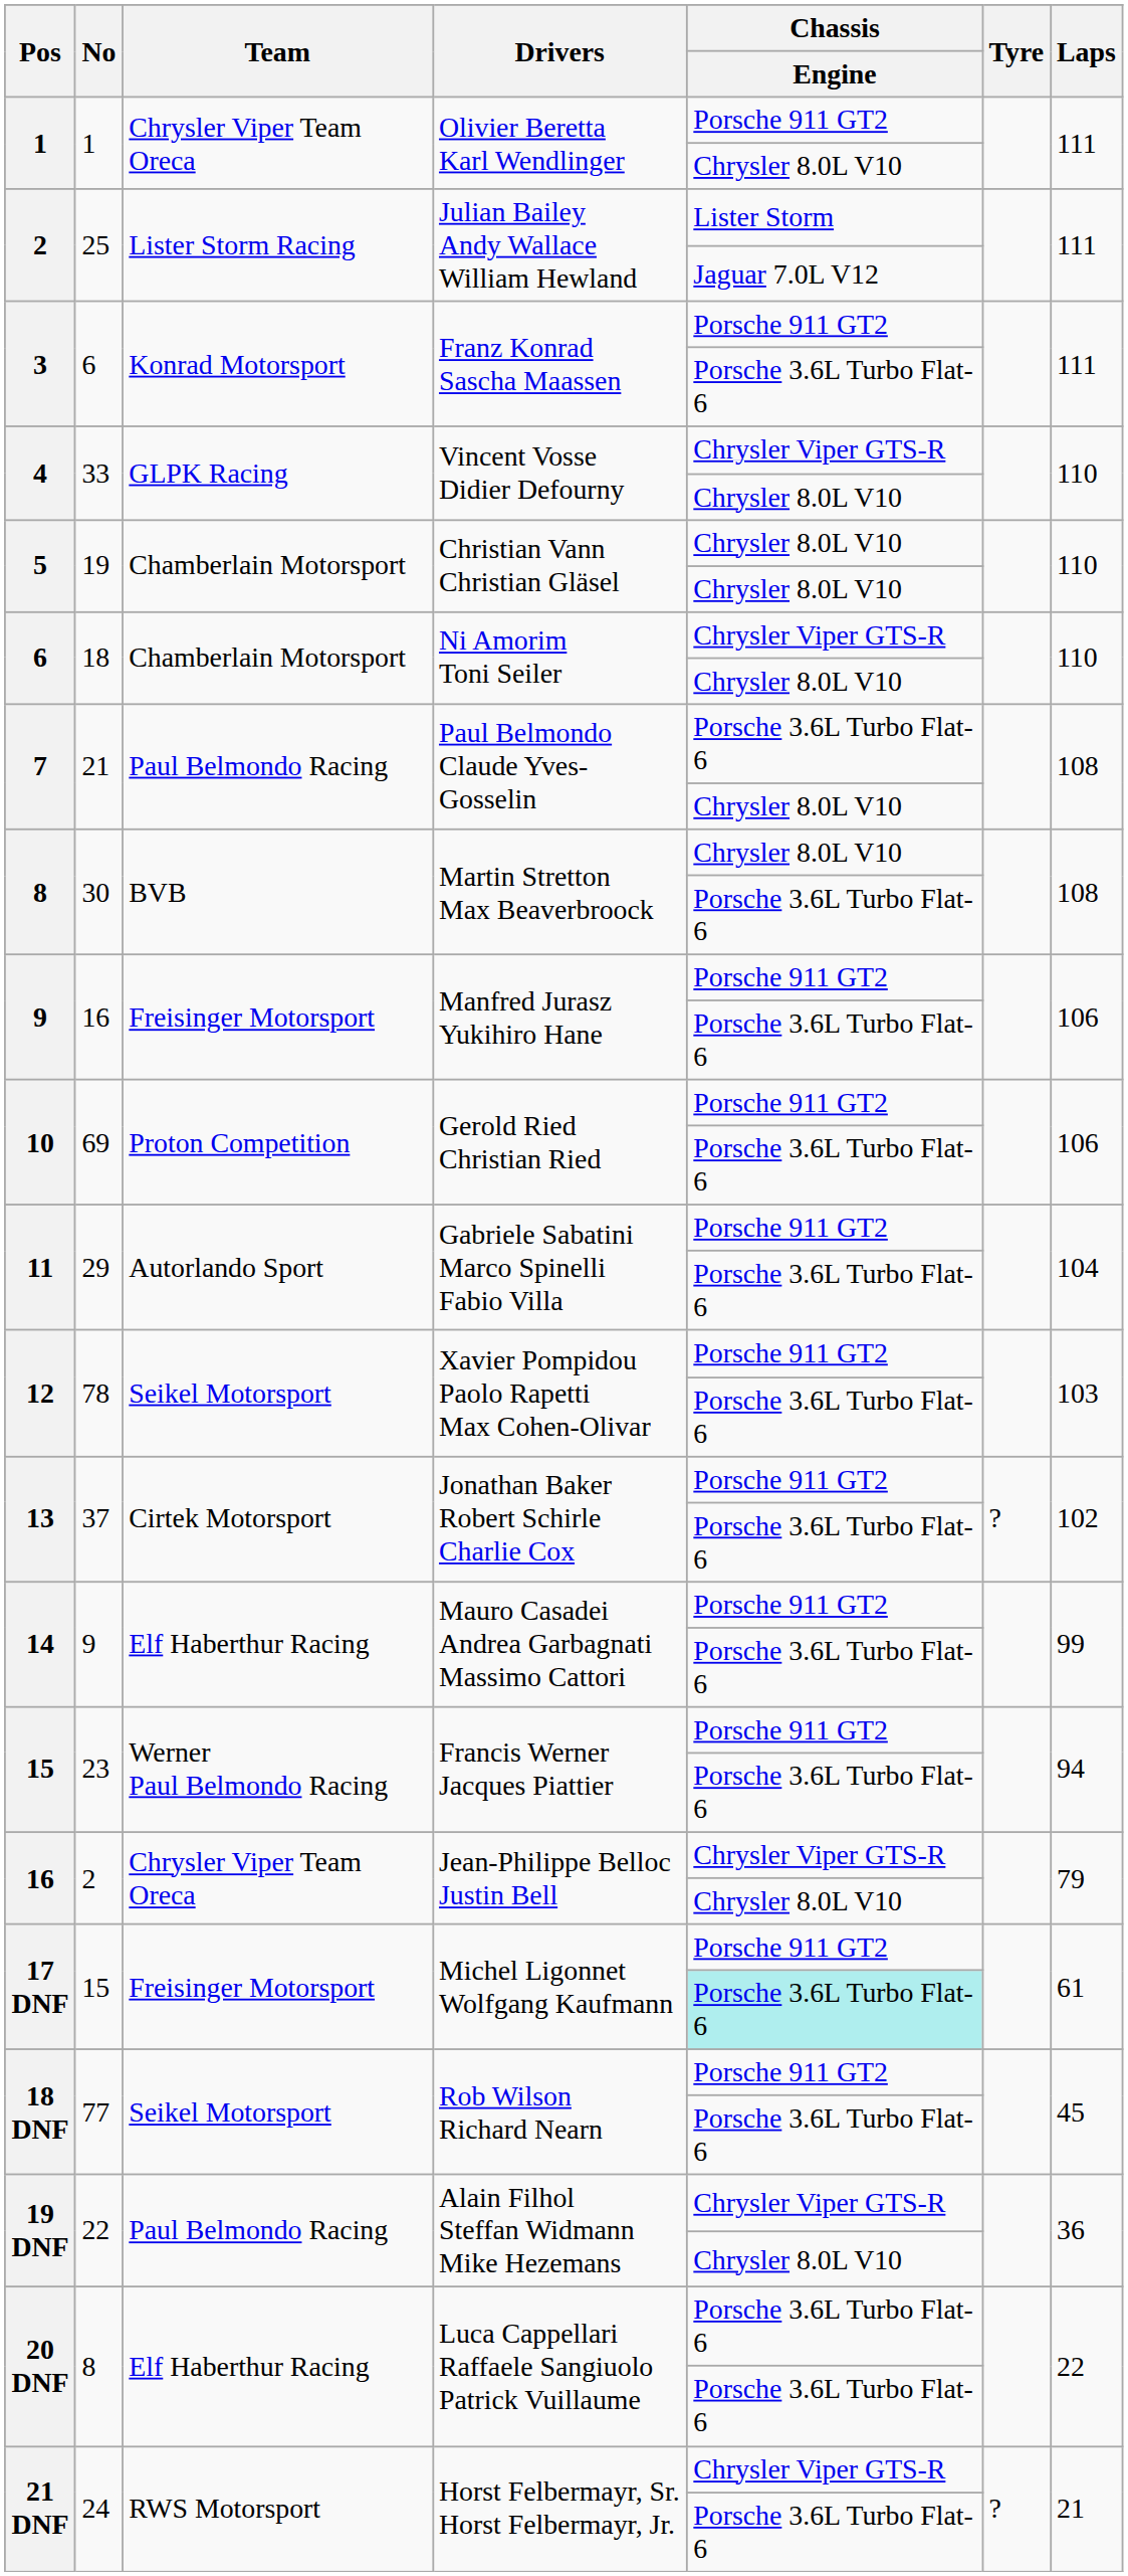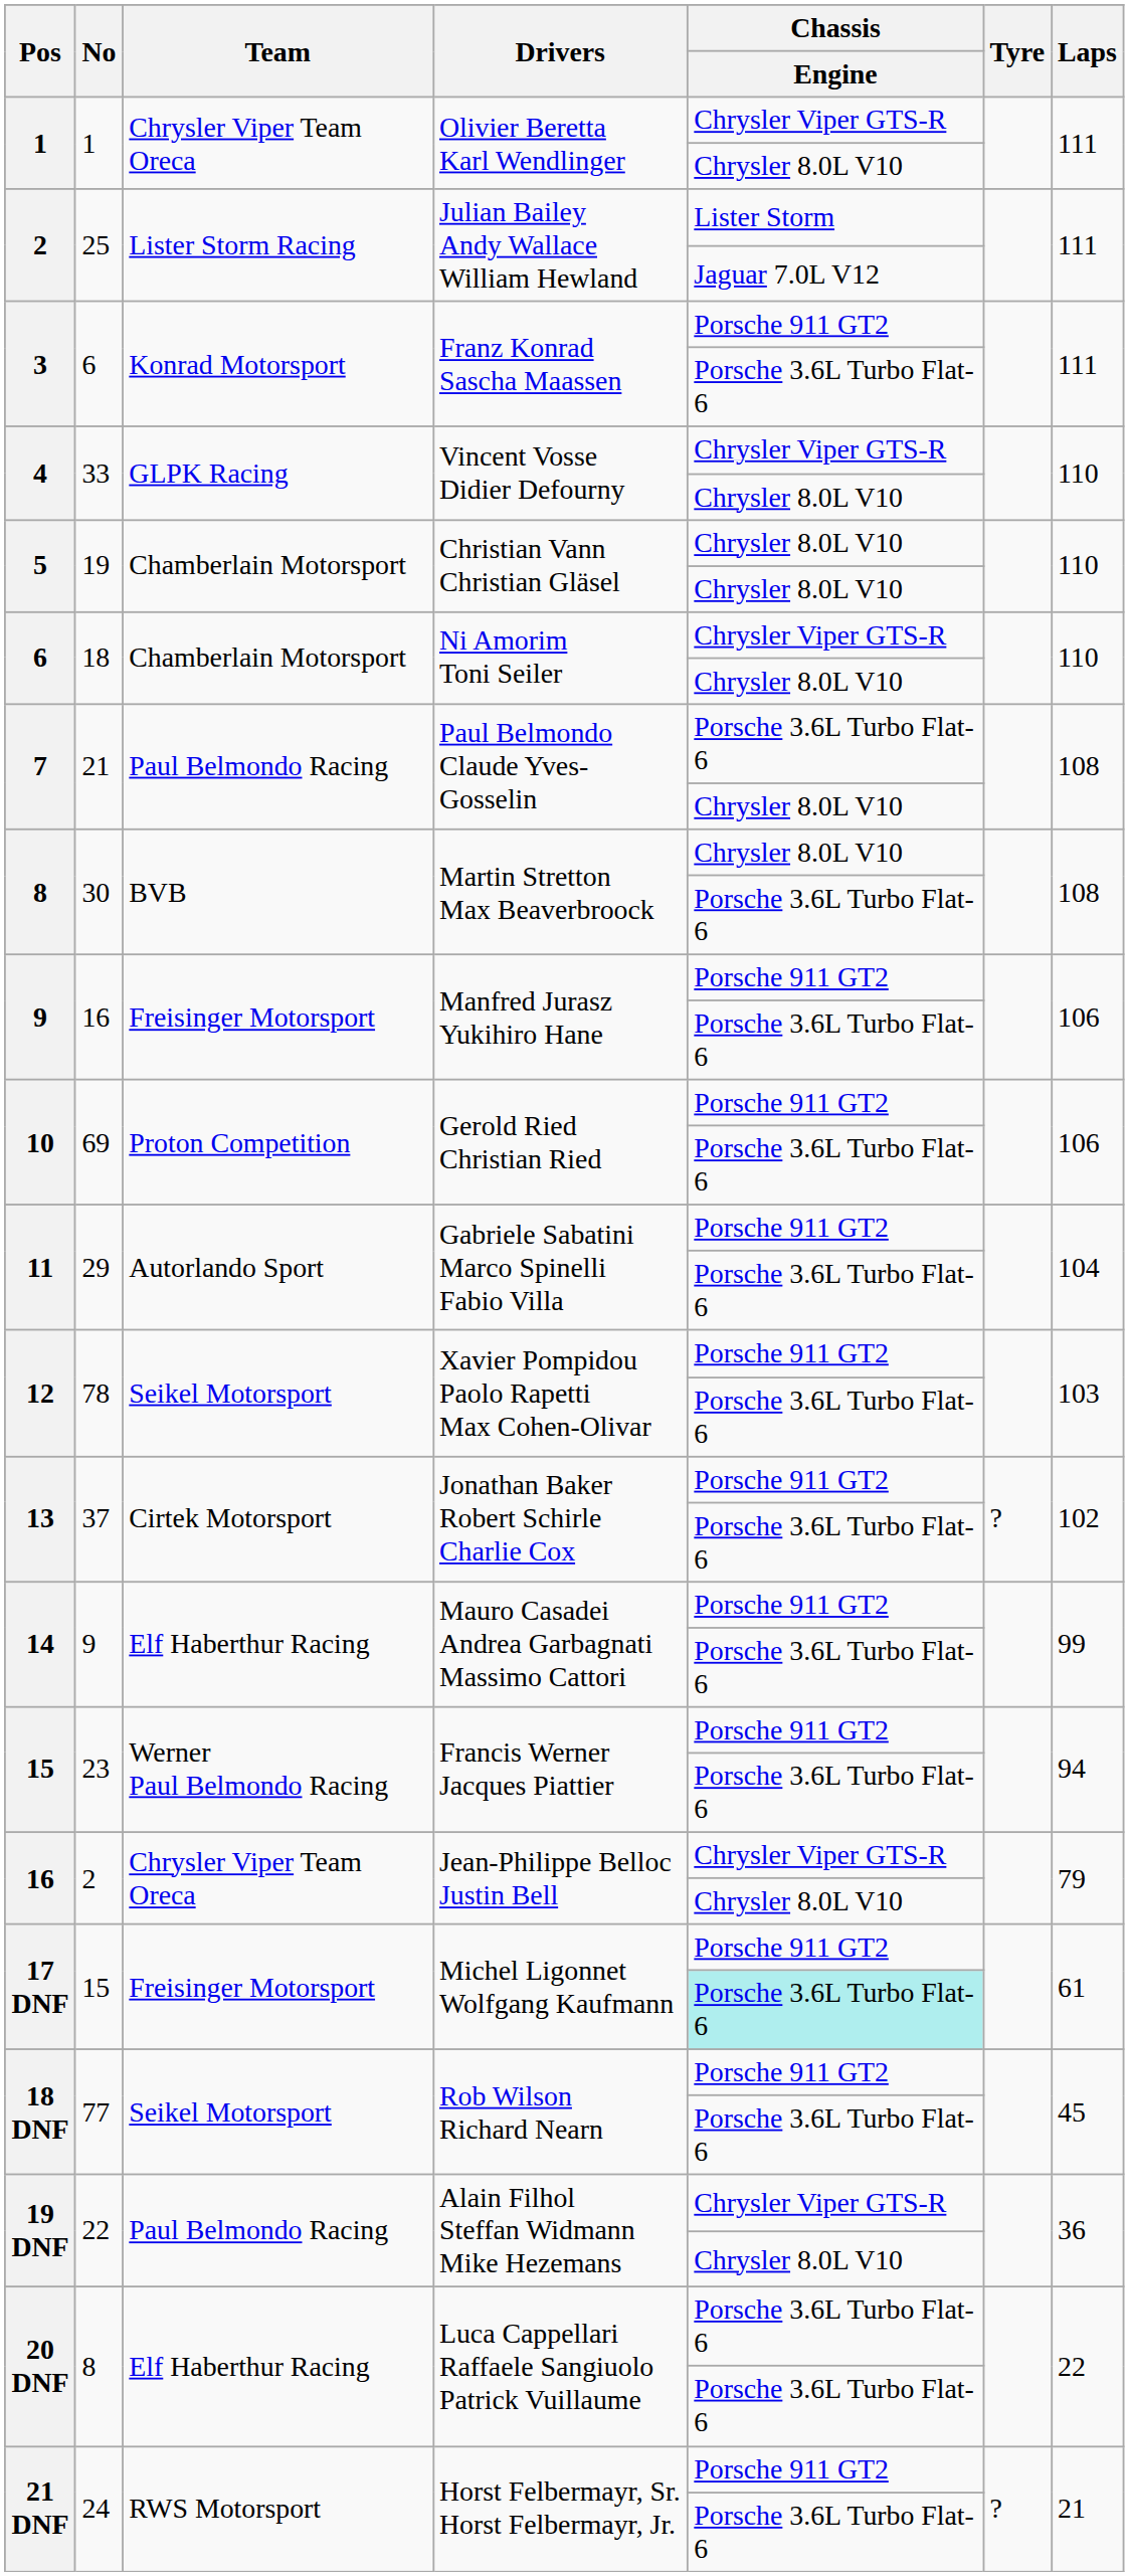 <table class="wikitable" style="font-size: 95%;">
 <tr>
 <th rowspan=2>Pos</th>
 <th rowspan=2>No</th>
 <th rowspan=2>Team</th>
 <th rowspan=2>Drivers</th>
 <th>Chassis</th>
 <th rowspan=2>Tyre</th>
 <th rowspan=2>Laps</th>
 </tr>
 <tr>
 <th>Engine</th>
 </tr>
 <tr>
 <th rowspan=2>1</th>
 <td rowspan=2>1</td>
 <td rowspan=2> <a href='#'>Chrysler Viper</a> Team <a href='#'>Oreca</a></td>
 <td rowspan=2> <a href='#'>Olivier Beretta</a><br> <a href='#'>Karl Wendlinger</a></td>
-<td><a href='#'>Porsche 911 GT2</a></td>
+<td><a href='#'>Chrysler Viper GTS-R</a></td>
 <td rowspan=2></td>
 <td rowspan=2>111</td>
 </tr>
 <tr>
 <td><a href='#'>Chrysler</a> 8.0L V10</td>
 </tr>
 <tr>
 <th rowspan=2>2</th>
 <td rowspan=2>25</td>
 <td rowspan=2> <a href='#'>Lister Storm Racing</a></td>
 <td rowspan=2> <a href='#'>Julian Bailey</a><br> <a href='#'>Andy Wallace</a><br> William Hewland</td>
 <td><a href='#'>Lister Storm</a></td>
 <td rowspan=2></td>
 <td rowspan=2>111</td>
 </tr>
 <tr>
 <td><a href='#'>Jaguar</a> 7.0L V12</td>
 </tr>
 <tr>
 <th rowspan=2>3</th>
 <td rowspan=2>6</td>
 <td rowspan=2> <a href='#'>Konrad Motorsport</a></td>
 <td rowspan=2> <a href='#'>Franz Konrad</a><br> <a href='#'>Sascha Maassen</a></td>
 <td><a href='#'>Porsche 911 GT2</a></td>
 <td rowspan=2></td>
 <td rowspan=2>111</td>
 </tr>
 <tr>
 <td><a href='#'>Porsche</a> 3.6L Turbo Flat-6</td>
 </tr>
 <tr>
 <th rowspan=2>4</th>
 <td rowspan=2>33</td>
 <td rowspan=2> <a href='#'>GLPK Racing</a></td>
 <td rowspan=2> Vincent Vosse<br> Didier Defourny</td>
 <td><a href='#'>Chrysler Viper GTS-R</a></td>
 <td rowspan=2></td>
 <td rowspan=2>110</td>
 </tr>
 <tr>
 <td><a href='#'>Chrysler</a> 8.0L V10</td>
 </tr>
 <tr>
 <th rowspan=2>5</th>
 <td rowspan=2>19</td>
 <td rowspan=2> Chamberlain Motorsport</td>
 <td rowspan=2> Christian Vann<br> Christian Gläsel</td>
 <td><a href='#'>Chrysler</a> 8.0L V10</td>
 <td rowspan=2></td>
 <td rowspan=2>110</td>
 </tr>
 <tr>
 <td><a href='#'>Chrysler</a> 8.0L V10</td>
 </tr>
 <tr>
 <th rowspan=2>6</th>
 <td rowspan=2>18</td>
 <td rowspan=2> Chamberlain Motorsport</td>
 <td rowspan=2> <a href='#'>Ni Amorim</a><br> Toni Seiler</td>
 <td><a href='#'>Chrysler Viper GTS-R</a></td>
 <td rowspan=2></td>
 <td rowspan=2>110</td>
 </tr>
 <tr>
 <td><a href='#'>Chrysler</a> 8.0L V10</td>
 </tr>
 <tr>
 <th rowspan=2>7</th>
 <td rowspan=2>21</td>
 <td rowspan=2> <a href='#'>Paul Belmondo</a> Racing</td>
 <td rowspan=2> <a href='#'>Paul Belmondo</a><br> Claude Yves-Gosselin</td>
 <td><a href='#'>Porsche</a> 3.6L Turbo Flat-6</td>
 <td rowspan=2></td>
 <td rowspan=2>108</td>
 </tr>
 <tr>
 <td><a href='#'>Chrysler</a> 8.0L V10</td>
 </tr>
 <tr>
 <th rowspan=2>8</th>
 <td rowspan=2>30</td>
 <td rowspan=2> BVB</td>
 <td rowspan=2> Martin Stretton<br> Max Beaverbroock</td>
 <td><a href='#'>Chrysler</a> 8.0L V10</td>
 <td rowspan=2></td>
 <td rowspan=2>108</td>
 </tr>
 <tr>
 <td><a href='#'>Porsche</a> 3.6L Turbo Flat-6</td>
 </tr>
 <tr>
 <th rowspan=2>9</th>
 <td rowspan=2>16</td>
 <td rowspan=2> <a href='#'>Freisinger Motorsport</a></td>
 <td rowspan=2> Manfred Jurasz<br> Yukihiro Hane</td>
 <td><a href='#'>Porsche 911 GT2</a></td>
 <td rowspan=2></td>
 <td rowspan=2>106</td>
 </tr>
 <tr>
 <td><a href='#'>Porsche</a> 3.6L Turbo Flat-6</td>
 </tr>
 <tr>
 <th rowspan=2>10</th>
 <td rowspan=2>69</td>
 <td rowspan=2> <a href='#'>Proton Competition</a></td>
 <td rowspan=2> Gerold Ried<br> Christian Ried</td>
 <td><a href='#'>Porsche 911 GT2</a></td>
 <td rowspan=2></td>
 <td rowspan=2>106</td>
 </tr>
 <tr>
 <td><a href='#'>Porsche</a> 3.6L Turbo Flat-6</td>
 </tr>
 <tr>
 <th rowspan=2>11</th>
 <td rowspan=2>29</td>
 <td rowspan=2> Autorlando Sport</td>
 <td rowspan=2> Gabriele Sabatini<br> Marco Spinelli<br> Fabio Villa</td>
 <td><a href='#'>Porsche 911 GT2</a></td>
 <td rowspan=2></td>
 <td rowspan=2>104</td>
 </tr>
 <tr>
 <td><a href='#'>Porsche</a> 3.6L Turbo Flat-6</td>
 </tr>
 <tr>
 <th rowspan=2>12</th>
 <td rowspan=2>78</td>
 <td rowspan=2> <a href='#'>Seikel Motorsport</a></td>
 <td rowspan=2> Xavier Pompidou<br> Paolo Rapetti<br> Max Cohen-Olivar</td>
 <td><a href='#'>Porsche 911 GT2</a></td>
 <td rowspan=2></td>
 <td rowspan=2>103</td>
 </tr>
 <tr>
 <td><a href='#'>Porsche</a> 3.6L Turbo Flat-6</td>
 </tr>
 <tr>
 <th rowspan=2>13</th>
 <td rowspan=2>37</td>
 <td rowspan=2> Cirtek Motorsport</td>
 <td rowspan=2> Jonathan Baker<br> Robert Schirle<br> <a href='#'>Charlie Cox</a></td>
 <td><a href='#'>Porsche 911 GT2</a></td>
 <td rowspan=2>?</td>
 <td rowspan=2>102</td>
 </tr>
 <tr>
 <td><a href='#'>Porsche</a> 3.6L Turbo Flat-6</td>
 </tr>
 <tr>
 <th rowspan=2>14</th>
 <td rowspan=2>9</td>
 <td rowspan=2> <a href='#'>Elf</a> Haberthur Racing</td>
 <td rowspan=2> Mauro Casadei<br> Andrea Garbagnati<br> Massimo Cattori</td>
 <td><a href='#'>Porsche 911 GT2</a></td>
 <td rowspan=2></td>
 <td rowspan=2>99</td>
 </tr>
 <tr>
 <td><a href='#'>Porsche</a> 3.6L Turbo Flat-6</td>
 </tr>
 <tr>
 <th rowspan=2>15</th>
 <td rowspan=2>23</td>
 <td rowspan=2> Werner<br> <a href='#'>Paul Belmondo</a> Racing</td>
 <td rowspan=2> Francis Werner<br> Jacques Piattier</td>
 <td><a href='#'>Porsche 911 GT2</a></td>
 <td rowspan=2></td>
 <td rowspan=2>94</td>
 </tr>
 <tr>
 <td><a href='#'>Porsche</a> 3.6L Turbo Flat-6</td>
 </tr>
 <tr>
 <th rowspan=2>16</th>
 <td rowspan=2>2</td>
 <td rowspan=2> <a href='#'>Chrysler Viper</a> Team <a href='#'>Oreca</a></td>
 <td rowspan=2> Jean-Philippe Belloc<br> <a href='#'>Justin Bell</a></td>
 <td><a href='#'>Chrysler Viper GTS-R</a></td>
 <td rowspan=2></td>
 <td rowspan=2>79</td>
 </tr>
 <tr>
 <td><a href='#'>Chrysler</a> 8.0L V10</td>
 </tr>
 <tr>
 <th rowspan=2>17<br>DNF</th>
 <td rowspan=2>15</td>
 <td rowspan=2> <a href='#'>Freisinger Motorsport</a></td>
 <td rowspan=2> Michel Ligonnet<br> Wolfgang Kaufmann</td>
 <td><a href='#'>Porsche 911 GT2</a></td>
 <td rowspan=2></td>
 <td rowspan=2>61</td>
 </tr>
 <tr>
 <td style="background: paleturquoise;"><a href='#'>Porsche</a> 3.6L Turbo Flat-6</td>
 </tr>
 <tr>
 <th rowspan=2>18<br>DNF</th>
 <td rowspan=2>77</td>
 <td rowspan=2> <a href='#'>Seikel Motorsport</a></td>
 <td rowspan=2> <a href='#'>Rob Wilson</a><br> Richard Nearn</td>
 <td><a href='#'>Porsche 911 GT2</a></td>
 <td rowspan=2></td>
 <td rowspan=2>45</td>
 </tr>
 <tr>
 <td><a href='#'>Porsche</a> 3.6L Turbo Flat-6</td>
 </tr>
 <tr>
 <th rowspan=2>19<br>DNF</th>
 <td rowspan=2>22</td>
 <td rowspan=2> <a href='#'>Paul Belmondo</a> Racing</td>
 <td rowspan=2> Alain Filhol<br> Steffan Widmann<br> Mike Hezemans</td>
 <td><a href='#'>Chrysler Viper GTS-R</a></td>
 <td rowspan=2></td>
 <td rowspan=2>36</td>
 </tr>
 <tr>
 <td><a href='#'>Chrysler</a> 8.0L V10</td>
 </tr>
 <tr>
 <th rowspan=2>20<br>DNF</th>
 <td rowspan=2>8</td>
 <td rowspan=2> <a href='#'>Elf</a> Haberthur Racing</td>
 <td rowspan=2> Luca Cappellari<br> Raffaele Sangiuolo<br> Patrick Vuillaume</td>
 <td><a href='#'>Porsche</a> 3.6L Turbo Flat-6</td>
 <td rowspan=2></td>
 <td rowspan=2>22</td>
 </tr>
 <tr>
 <td><a href='#'>Porsche</a> 3.6L Turbo Flat-6</td>
 </tr>
 <tr>
 <th rowspan=2>21<br>DNF</th>
 <td rowspan=2>24</td>
 <td rowspan=2> RWS Motorsport</td>
 <td rowspan=2> Horst Felbermayr, Sr.<br> Horst Felbermayr, Jr.</td>
-<td><a href='#'>Chrysler Viper GTS-R</a></td>
+<td><a href='#'>Porsche 911 GT2</a></td>
 <td rowspan=2>?</td>
 <td rowspan=2>21</td>
 </tr>
 <tr>
 <td><a href='#'>Porsche</a> 3.6L Turbo Flat-6</td>
 </tr>
 </table>
